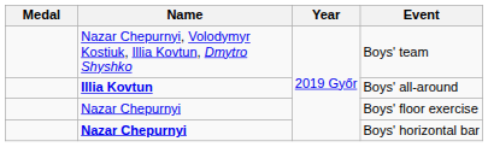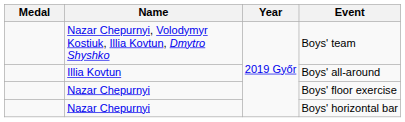 <table class="wikitable sortable">
 <tr>
 <th style="width:5em;">Medal</th>
 <th width=250>Name</th>
 <th>Year</th>
 <th>Event</th>
 </tr>
 <tr>
 <td></td>
 <td><a href='#'>Nazar Chepurnyi</a>, <a href='#'>Volodymyr Kostiuk</a>, <a href='#'>Illia Kovtun</a>, <em><a href='#'>Dmytro Shyshko</a></em></td>
 <td rowspan="4"> <a href='#'>2019 Győr</a></td>
 <td>Boys' team</td>
 </tr>
 <tr>
 <td></td>
-<td><strong><a href='#'>Illia Kovtun</a></strong></td>
+<td><a href='#'>Illia Kovtun</a></td>
 <td>Boys' all-around</td>
 </tr>
 <tr>
 <td></td>
 <td><a href='#'>Nazar Chepurnyi</a></td>
 <td>Boys' floor exercise</td>
 </tr>
 <tr>
 <td></td>
-<td><strong><a href='#'>Nazar Chepurnyi</a></strong></td>
+<td><a href='#'>Nazar Chepurnyi</a></td>
 <td>Boys' horizontal bar</td>
 </tr>
 </table>
